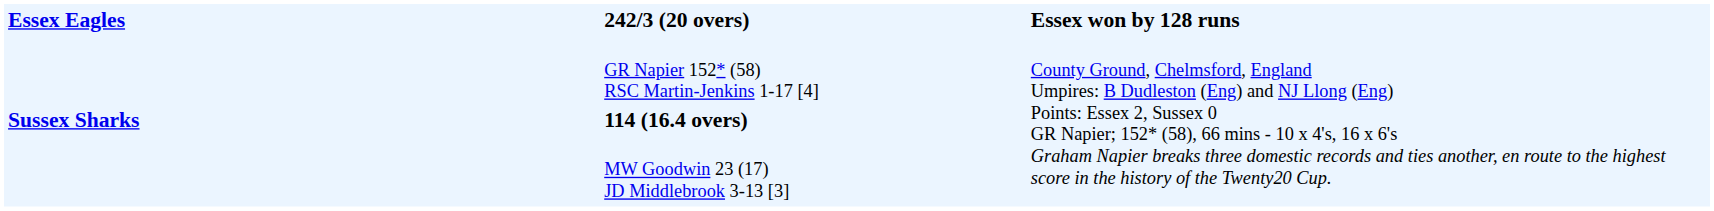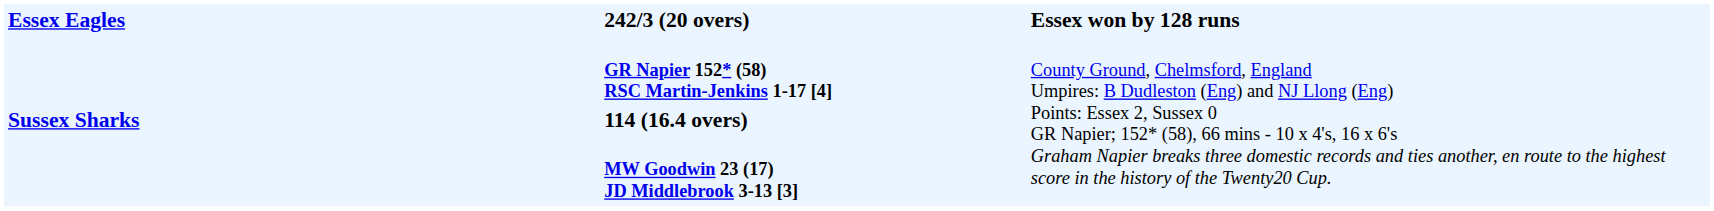 <table style="width:100%; background:#ebf5ff;">
 <tr>
 <td style="width:35%; vertical-align:top;" rowspan="2"><strong><a href='#'>Essex Eagles</a></strong></td>
 <td style="width:25%;"><strong>242/3 (20 overs)</strong></td>
 <td style="width:40%;"><strong>Essex won by 128 runs</strong></td>
 </tr>
 <tr>
-<td style="font-size: 85%;"><br><a href='#'>GR Napier</a> 152<a href='#'>*</a> (58)<br> <a href='#'>RSC Martin-Jenkins</a> 1-17 [4]</td>
+<td style="font-size: 85%;"><strong><br><a href='#'>GR Napier</a> 152<a href='#'>*</a> (58)<br> <a href='#'>RSC Martin-Jenkins</a> 1-17 [4]</strong></td>
 <td style="vertical-align:top; font-size:85%;" rowspan="3"><br><a href='#'>County Ground</a>, <a href='#'>Chelmsford</a>, <a href='#'>England</a><br> Umpires: <a href='#'>B Dudleston</a> (<a href='#'>Eng</a>) and <a href='#'>NJ Llong</a> (<a href='#'>Eng</a>)<br> Points: Essex 2, Sussex 0<br>GR Napier; 152* (58), 66 mins - 10 x 4's, 16 x 6's<br> <em>Graham Napier breaks three domestic records and ties another, en route to the highest score in the history of the Twenty20 Cup.</em></td>
 </tr>
 <tr>
 <td style="vertical-align:top;" rowspan="2"><strong><a href='#'>Sussex Sharks</a></strong></td>
 <td><strong>114 (16.4 overs)</strong></td>
 </tr>
 <tr>
-<td style="font-size: 85%;"><br><a href='#'>MW Goodwin</a> 23 (17)<br> <a href='#'>JD Middlebrook</a> 3-13 [3]</td>
+<td style="font-size: 85%;"><strong><br><a href='#'>MW Goodwin</a> 23 (17)<br> <a href='#'>JD Middlebrook</a> 3-13 [3]</strong></td>
 </tr>
 </table>
